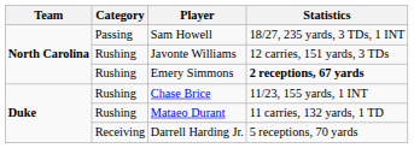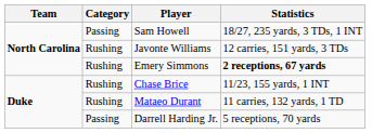 <table class="wikitable" style="float: left;">
 <tr>
 <th>Team</th>
 <th>Category</th>
 <th>Player</th>
 <th>Statistics</th>
 </tr>
 <tr>
 <td rowspan=3><strong>North Carolina</strong></td>
 <td>Passing</td>
 <td>Sam Howell</td>
 <td>18/27, 235 yards, 3 TDs, 1 INT</td>
 </tr>
 <tr>
 <td>Rushing</td>
 <td>Javonte Williams</td>
 <td>12 carries, 151 yards, 3 TDs</td>
 </tr>
 <tr>
 <td>Rushing</td>
 <td>Emery Simmons</td>
 <td><strong>2 receptions, 67 yards</strong></td>
 </tr>
 <tr>
 <td rowspan=3><strong>Duke</strong></td>
 <td>Rushing</td>
 <td><a href='#'>Chase Brice</a></td>
 <td>11/23, 155 yards, 1 INT</td>
 </tr>
 <tr>
 <td>Rushing</td>
 <td><a href='#'>Mataeo Durant</a></td>
 <td>11 carries, 132 yards, 1 TD</td>
 </tr>
 <tr>
-<td>Receiving</td>
+<td>Passing</td>
 <td>Darrell Harding Jr.</td>
 <td>5 receptions, 70 yards</td>
 </tr>
 </table>
